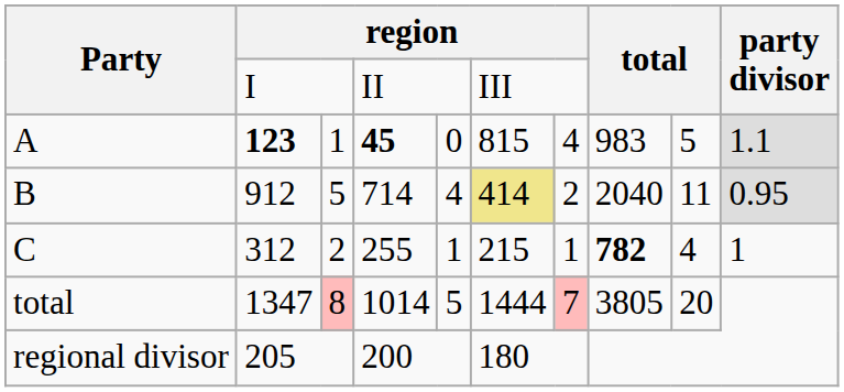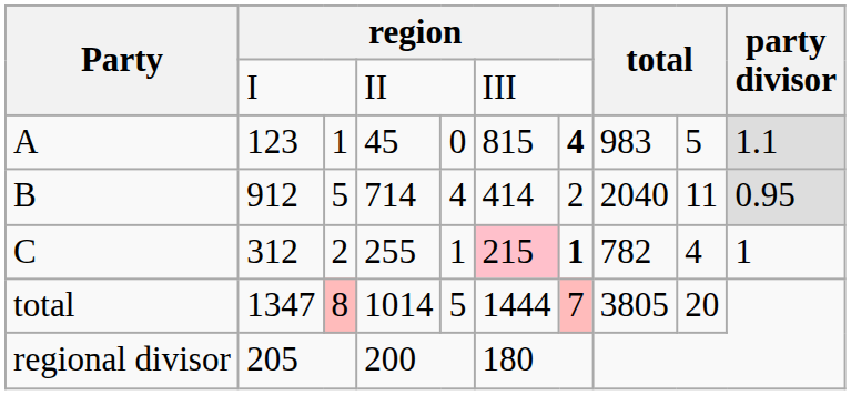 <table class="wikitable">
 <tr>
 <th rowspan="2">Party</th>
 <th colspan="6">region</th>
 <th colspan="2" rowspan="2">total</th>
 <th rowspan="2">party<br>divisor</th>
 </tr>
 <tr>
 <td colspan="2">I</td>
 <td colspan=2>II</td>
 <td colspan=2>III</td>
 </tr>
 <tr>
 <td>A</td>
-<td><strong>123</strong></td>
+<td>123</td>
 <td>1</td>
-<td><strong>45</strong></td>
+<td>45</td>
 <td>0</td>
 <td>815</td>
-<td>4</td>
+<td><strong>4</strong></td>
 <td>983</td>
 <td>5</td>
 <td bgcolor=#dddddd>1.1</td>
 </tr>
 <tr>
 <td>B</td>
 <td>912</td>
 <td>5</td>
 <td>714</td>
 <td>4</td>
-<td style="background: khaki;">414</td>
+<td>414</td>
 <td>2</td>
 <td>2040</td>
 <td>11</td>
 <td bgcolor=#dddddd>0.95</td>
 </tr>
 <tr>
 <td>C</td>
 <td>312</td>
 <td>2</td>
 <td>255</td>
 <td>1</td>
-<td>215</td>
-<td>1</td>
-<td><strong>782</strong></td>
+<td style="background: pink;">215</td>
+<td><strong>1</strong></td>
+<td>782</td>
 <td>4</td>
 <td>1</td>
 </tr>
 <tr>
 <td>total</td>
 <td>1347</td>
 <td bgcolor=#ffbbbb>8</td>
 <td>1014</td>
 <td>5</td>
 <td>1444</td>
 <td bgcolor=#ffbbbb>7</td>
 <td>3805</td>
 <td>20</td>
 </tr>
 <tr>
 <td>regional divisor</td>
 <td colspan=2>205</td>
 <td colspan=2>200</td>
 <td colspan=2>180</td>
 </tr>
 </table>
